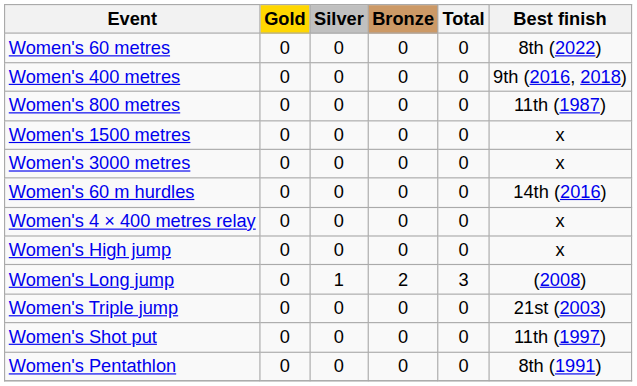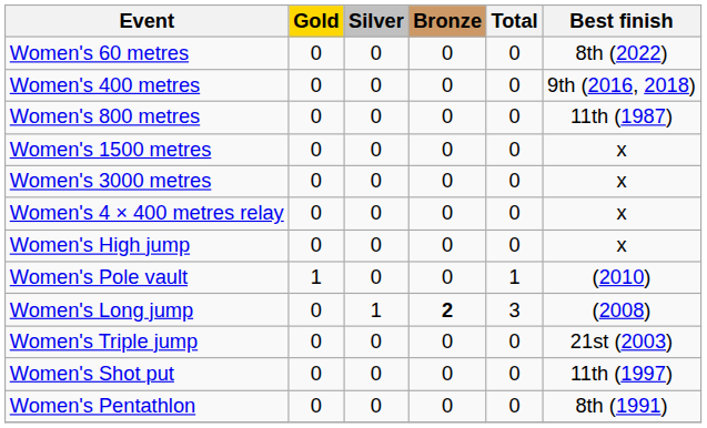 <table class="wikitable sortable" style="text-align:center">
 <tr>
 <th>Event</th>
 <th style="background-color:gold;">Gold</th>
 <th style="background-color:silver;">Silver</th>
 <th style="background-color:#c96;">Bronze</th>
 <th>Total</th>
 <th>Best finish</th>
 </tr>
 <tr>
 <td align=left><a href='#'>Women's 60 metres</a></td>
 <td>0</td>
 <td>0</td>
 <td>0</td>
 <td>0</td>
 <td>8th (<a href='#'>2022</a>)</td>
 </tr>
 <tr>
 <td align=left><a href='#'>Women's 400 metres</a></td>
 <td>0</td>
 <td>0</td>
 <td>0</td>
 <td>0</td>
 <td>9th (<a href='#'>2016</a>, <a href='#'>2018</a>)</td>
 </tr>
 <tr>
 <td align=left><a href='#'>Women's 800 metres</a></td>
 <td>0</td>
 <td>0</td>
 <td>0</td>
 <td>0</td>
 <td>11th (<a href='#'>1987</a>)</td>
 </tr>
 <tr>
 <td align=left><a href='#'>Women's 1500 metres</a></td>
 <td>0</td>
 <td>0</td>
 <td>0</td>
 <td>0</td>
 <td>x</td>
 </tr>
 <tr>
 <td align=left><a href='#'>Women's 3000 metres</a></td>
 <td>0</td>
 <td>0</td>
 <td>0</td>
 <td>0</td>
 <td>x</td>
 </tr>
 <tr>
-<td align=left><a href='#'>Women's 60 m hurdles</a></td>
-<td>0</td>
-<td>0</td>
-<td>0</td>
-<td>0</td>
-<td>14th (<a href='#'>2016</a>)</td>
-</tr>
-<tr>
 <td align=left><a href='#'>Women's 4 × 400 metres relay</a></td>
 <td>0</td>
 <td>0</td>
 <td>0</td>
 <td>0</td>
 <td>x</td>
 </tr>
 <tr>
 <td align=left><a href='#'>Women's High jump</a></td>
 <td>0</td>
 <td>0</td>
 <td>0</td>
 <td>0</td>
 <td>x</td>
 </tr>
 <tr>
+<td align=left><a href='#'>Women's Pole vault</a></td>
+<td>1</td>
+<td>0</td>
+<td>0</td>
+<td>1</td>
+<td> (<a href='#'>2010</a>)</td>
+</tr>
+<tr>
 <td align=left><a href='#'>Women's Long jump</a></td>
 <td>0</td>
 <td>1</td>
-<td>2</td>
+<td><strong>2</strong></td>
 <td>3</td>
 <td> (<a href='#'>2008</a>)</td>
 </tr>
 <tr>
 <td align=left><a href='#'>Women's Triple jump</a></td>
 <td>0</td>
 <td>0</td>
 <td>0</td>
 <td>0</td>
 <td>21st (<a href='#'>2003</a>)</td>
 </tr>
 <tr>
 <td align=left><a href='#'>Women's Shot put</a></td>
 <td>0</td>
 <td>0</td>
 <td>0</td>
 <td>0</td>
 <td>11th (<a href='#'>1997</a>)</td>
 </tr>
 <tr>
 <td align=left><a href='#'>Women's Pentathlon</a></td>
 <td>0</td>
 <td>0</td>
 <td>0</td>
 <td>0</td>
 <td>8th (<a href='#'>1991</a>)</td>
 </tr>
 <tr>
 </tr>
 </table>
